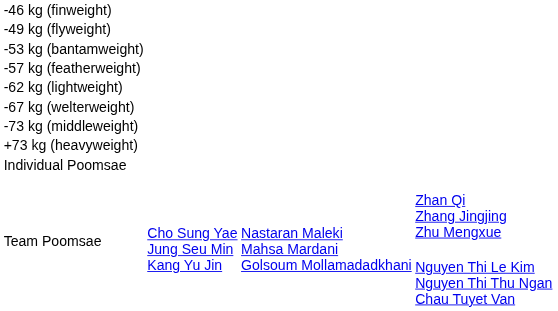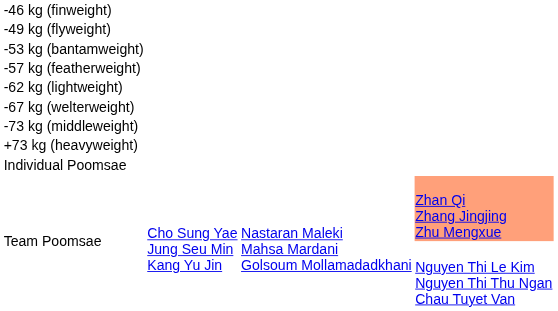 <table>
 <tr>
 <td rowspan=2>-46 kg (finweight)<br></td>
 <td rowspan=2></td>
 <td rowspan=2></td>
 <td></td>
 </tr>
 <tr>
 <td></td>
 </tr>
 <tr>
 <td rowspan=2>-49 kg (flyweight)<br></td>
 <td rowspan=2></td>
 <td rowspan=2></td>
 <td></td>
 </tr>
 <tr>
 <td></td>
 </tr>
 <tr>
 <td rowspan=2>-53 kg (bantamweight)<br></td>
 <td rowspan=2></td>
 <td rowspan=2></td>
 <td></td>
 </tr>
 <tr>
 <td></td>
 </tr>
 <tr>
 <td rowspan=2>-57 kg (featherweight)<br></td>
 <td rowspan=2></td>
 <td rowspan=2></td>
 <td></td>
 </tr>
 <tr>
 <td></td>
 </tr>
 <tr>
 <td rowspan=2>-62 kg (lightweight)<br></td>
 <td rowspan=2></td>
 <td rowspan=2></td>
 <td></td>
 </tr>
 <tr>
 <td></td>
 </tr>
 <tr>
 <td rowspan=2>-67 kg (welterweight)<br></td>
 <td rowspan=2></td>
 <td rowspan=2></td>
 <td></td>
 </tr>
 <tr>
 <td></td>
 </tr>
 <tr>
 <td rowspan=2>-73 kg (middleweight)<br></td>
 <td rowspan=2></td>
 <td rowspan=2></td>
 <td></td>
 </tr>
 <tr>
 <td></td>
 </tr>
 <tr>
 <td rowspan=2>+73 kg (heavyweight)<br></td>
 <td rowspan=2></td>
 <td rowspan=2></td>
 <td></td>
 </tr>
 <tr>
 <td></td>
 </tr>
 <tr>
 <td rowspan=2>Individual Poomsae<br></td>
 <td rowspan=2></td>
 <td rowspan=2></td>
 <td></td>
 </tr>
 <tr>
 <td></td>
 </tr>
 <tr>
 <td rowspan=2>Team Poomsae<br></td>
 <td rowspan=2><br><a href='#'>Cho Sung Yae</a><br><a href='#'>Jung Seu Min</a><br><a href='#'>Kang Yu Jin</a></td>
 <td rowspan=2><br><a href='#'>Nastaran Maleki</a><br><a href='#'>Mahsa Mardani</a><br><a href='#'>Golsoum Mollamadadkhani</a></td>
-<td><br><a href='#'>Zhan Qi</a><br><a href='#'>Zhang Jingjing</a><br><a href='#'>Zhu Mengxue</a></td>
+<td style="background: lightsalmon;"><br><a href='#'>Zhan Qi</a><br><a href='#'>Zhang Jingjing</a><br><a href='#'>Zhu Mengxue</a></td>
 </tr>
 <tr>
 <td><br><a href='#'>Nguyen Thi Le Kim</a><br><a href='#'>Nguyen Thi Thu Ngan</a><br><a href='#'>Chau Tuyet Van</a></td>
 </tr>
 </table>
